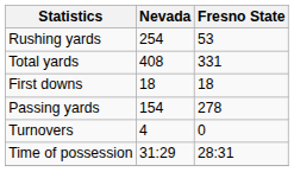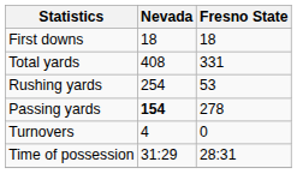 <table class="wikitable">
 <tr>
 <th>Statistics</th>
 <th>Nevada</th>
 <th>Fresno State</th>
 </tr>
 <tr>
-<td>Rushing yards</td>
-<td>254</td>
-<td>53</td>
+<td>First downs</td>
+<td>18</td>
+<td>18</td>
 </tr>
 <tr>
 <td>Total yards</td>
 <td>408</td>
 <td>331</td>
 </tr>
 <tr>
-<td>First downs</td>
-<td>18</td>
-<td>18</td>
+<td>Rushing yards</td>
+<td>254</td>
+<td>53</td>
 </tr>
 <tr>
 <td>Passing yards</td>
-<td>154</td>
+<td><strong>154</strong></td>
 <td>278</td>
 </tr>
 <tr>
 <td>Turnovers</td>
 <td>4</td>
 <td>0</td>
 </tr>
 <tr>
 <td>Time of possession</td>
 <td>31:29</td>
 <td>28:31</td>
 </tr>
 <tr>
 </tr>
 </table>
